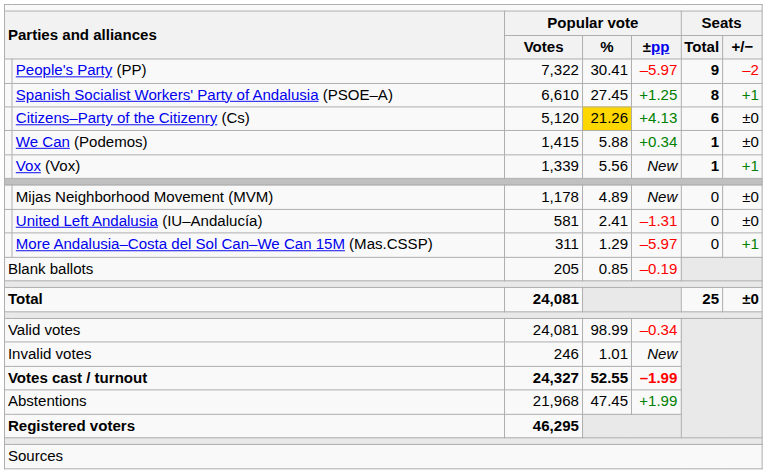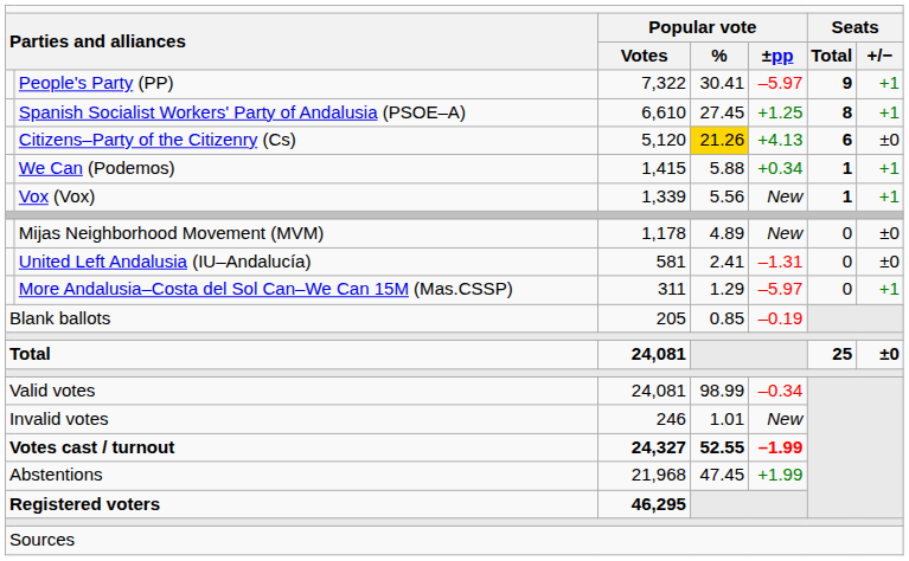 <table class="wikitable" style="text-align:right;">
 <tr>
 <td colspan="7"></td>
 </tr>
 <tr>
 <th style="text-align:left;" rowspan="2" colspan="2" width="525">Parties and alliances</th>
 <th colspan="3">Popular vote</th>
 <th colspan="2">Seats</th>
 </tr>
 <tr>
 <th width="75">Votes</th>
 <th width="45">%</th>
 <th width="45">±<a href='#'>pp</a></th>
 <th width="35">Total</th>
 <th width="35">+/−</th>
 </tr>
 <tr>
 <td width="1" style="color:inherit;background:"></td>
 <td align="left"><a href='#'>People's Party</a> (PP)</td>
 <td>7,322</td>
 <td>30.41</td>
 <td style="color:red;">–5.97</td>
 <td><strong>9</strong></td>
-<td style="color:red;">–2</td>
+<td style="color:green;">+1</td>
 </tr>
 <tr>
 <td style="color:inherit;background:"></td>
 <td align="left"><a href='#'>Spanish Socialist Workers' Party of Andalusia</a> (PSOE–A)</td>
 <td>6,610</td>
 <td>27.45</td>
 <td style="color:green;">+1.25</td>
 <td><strong>8</strong></td>
 <td style="color:green;">+1</td>
 </tr>
 <tr>
 <td style="color:inherit;background:"></td>
 <td align="left"><a href='#'>Citizens–Party of the Citizenry</a> (Cs)</td>
 <td>5,120</td>
 <td style="background: gold;">21.26</td>
 <td style="color:green;">+4.13</td>
 <td><strong>6</strong></td>
 <td>±0</td>
 </tr>
 <tr>
 <td style="color:inherit;background:"></td>
 <td align="left"><a href='#'>We Can</a> (Podemos)</td>
 <td>1,415</td>
 <td>5.88</td>
 <td style="color:green;">+0.34</td>
 <td><strong>1</strong></td>
-<td>±0</td>
+<td style="color:green;">+1</td>
 </tr>
 <tr>
 <td style="color:inherit;background:"></td>
 <td align="left"><a href='#'>Vox</a> (Vox)</td>
 <td>1,339</td>
 <td>5.56</td>
 <td><em>New</em></td>
 <td><strong>1</strong></td>
 <td style="color:green;">+1</td>
 </tr>
 <tr>
 <td colspan="7" bgcolor="#C0C0C0"></td>
 </tr>
 <tr>
 <td style="color:inherit;background:"></td>
 <td align="left">Mijas Neighborhood Movement (MVM)</td>
 <td>1,178</td>
 <td>4.89</td>
 <td><em>New</em></td>
 <td>0</td>
 <td>±0</td>
 </tr>
 <tr>
 <td style="color:inherit;background:"></td>
 <td align="left"><a href='#'>United Left Andalusia</a> (IU–Andalucía)</td>
 <td>581</td>
 <td>2.41</td>
 <td style="color:red;">–1.31</td>
 <td>0</td>
 <td>±0</td>
 </tr>
 <tr>
 <td style="color:inherit;background:"></td>
 <td align="left"><a href='#'>More Andalusia–Costa del Sol Can–We Can 15M</a> (Mas.CSSP)</td>
 <td>311</td>
 <td>1.29</td>
 <td style="color:red;">–5.97</td>
 <td>0</td>
 <td style="color:green;">+1</td>
 </tr>
 <tr>
 <td align="left" colspan="2">Blank ballots</td>
 <td>205</td>
 <td>0.85</td>
 <td style="color:red;">–0.19</td>
 <td bgcolor="#E9E9E9" colspan="2"></td>
 </tr>
 <tr>
 <td colspan="7" bgcolor="#E9E9E9"></td>
 </tr>
 <tr style="font-weight:bold;">
 <td align="left" colspan="2">Total</td>
 <td>24,081</td>
 <td bgcolor="#E9E9E9" colspan="2"></td>
 <td>25</td>
 <td>±0</td>
 </tr>
 <tr>
 <td colspan="7" bgcolor="#E9E9E9"></td>
 </tr>
 <tr>
 <td align="left" colspan="2">Valid votes</td>
 <td>24,081</td>
 <td>98.99</td>
 <td style="color:red;">–0.34</td>
 <td bgcolor="#E9E9E9" colspan="2" rowspan="5"></td>
 </tr>
 <tr>
 <td align="left" colspan="2">Invalid votes</td>
 <td>246</td>
 <td>1.01</td>
 <td><em>New</em></td>
 </tr>
 <tr style="font-weight:bold;">
 <td align="left" colspan="2">Votes cast / turnout</td>
 <td>24,327</td>
 <td>52.55</td>
 <td style="color:red;">–1.99</td>
 </tr>
 <tr>
 <td align="left" colspan="2">Abstentions</td>
 <td>21,968</td>
 <td>47.45</td>
 <td style="color:green;">+1.99</td>
 </tr>
 <tr style="font-weight:bold;">
 <td align="left" colspan="2">Registered voters</td>
 <td>46,295</td>
 <td bgcolor="#E9E9E9" colspan="2"></td>
 </tr>
 <tr>
 <td colspan="7" bgcolor="#E9E9E9"></td>
 </tr>
 <tr>
 <td align="left" colspan="7">Sources</td>
 </tr>
 </table>
